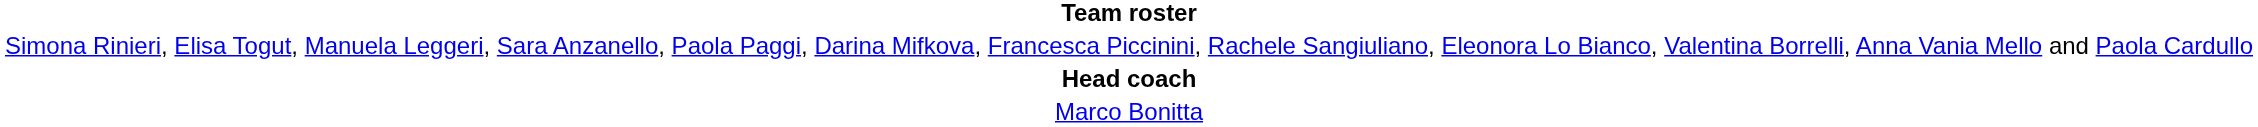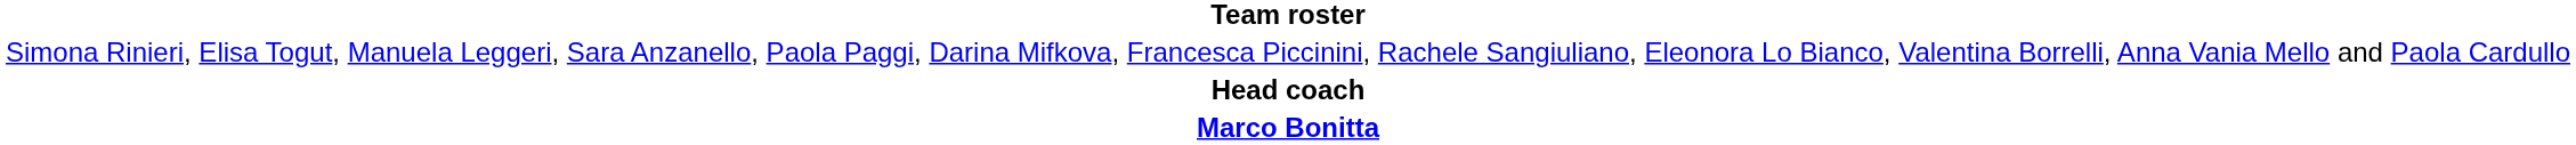 <table style="text-align: center; margin-top: 2em; margin-left: auto; margin-right: auto">
 <tr>
 <td><strong>Team roster</strong></td>
 </tr>
 <tr>
 <td><a href='#'>Simona Rinieri</a>, <a href='#'>Elisa Togut</a>, <a href='#'>Manuela Leggeri</a>, <a href='#'>Sara Anzanello</a>, <a href='#'>Paola Paggi</a>, <a href='#'>Darina Mifkova</a>, <a href='#'>Francesca Piccinini</a>, <a href='#'>Rachele Sangiuliano</a>, <a href='#'>Eleonora Lo Bianco</a>, <a href='#'>Valentina Borrelli</a>, <a href='#'>Anna Vania Mello</a> and <a href='#'>Paola Cardullo</a></td>
 </tr>
 <tr>
 <td><strong>Head coach</strong></td>
 </tr>
 <tr>
-<td><a href='#'>Marco Bonitta</a></td>
+<td><strong><a href='#'>Marco Bonitta</a></strong></td>
 </tr>
 <tr>
 </tr>
 </table>
